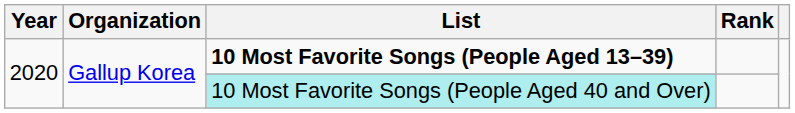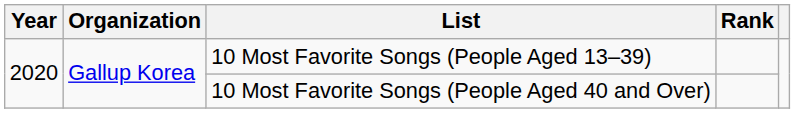 <table class="wikitable sortable plainrowheaders">
 <tr>
 <th scope="col">Year</th>
 <th scope="col">Organization</th>
 <th scope="col">List</th>
 <th scope="col">Rank</th>
 <th scope="col" class="unsortable"></th>
 </tr>
 <tr>
 <td rowspan="2">2020</td>
 <td rowspan="2"><a href='#'>Gallup Korea</a></td>
-<td><strong>10 Most Favorite Songs (People Aged 13–39)</strong></td>
+<td>10 Most Favorite Songs (People Aged 13–39)</td>
 <td></td>
 <td rowspan="2" style="text-align:center;"></td>
 </tr>
 <tr>
-<td style="background: paleturquoise;">10 Most Favorite Songs (People Aged 40 and Over)</td>
+<td>10 Most Favorite Songs (People Aged 40 and Over)</td>
 <td></td>
 </tr>
 </table>
